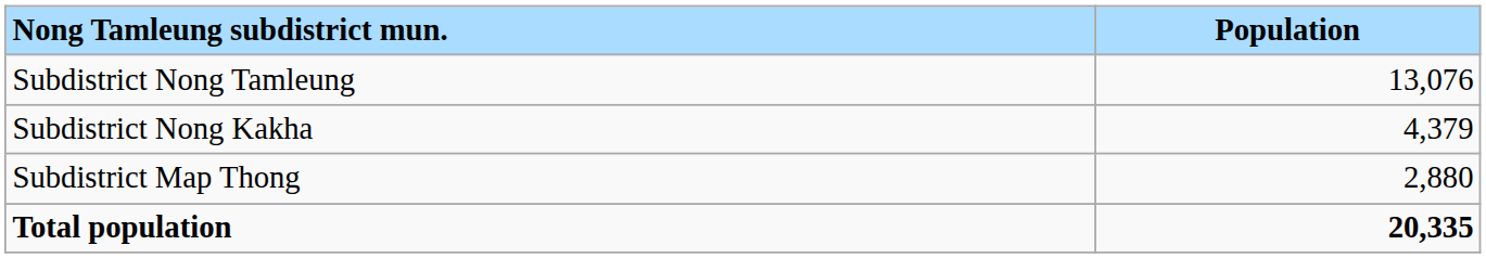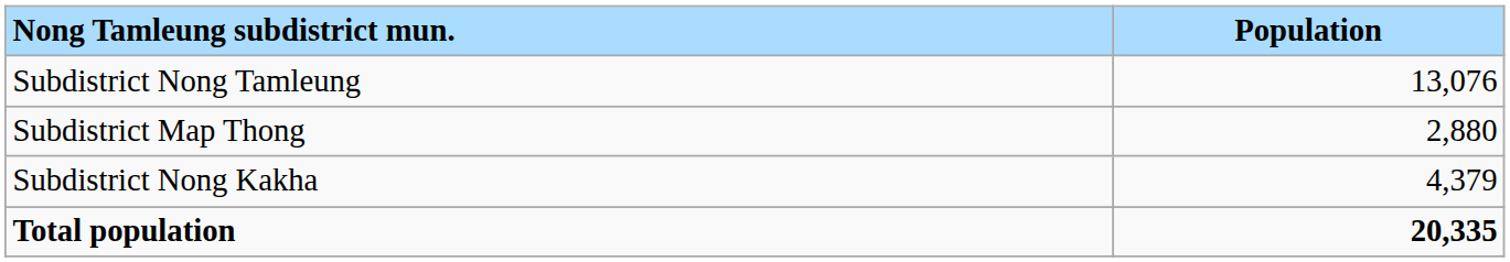 <table class="wikitable" style="width:48%; display:inline-table;">
 <tr>
 <td style= "background: #aadcff;"><strong>Nong Tamleung subdistrict mun.</strong></td>
 <td style= "background: #aadcff; text-align:center;"><strong>Population</strong></td>
 </tr>
 <tr>
 <td>Subdistrict Nong Tamleung</td>
 <td style="text-align:right;">13,076</td>
 </tr>
 <tr>
+<td>Subdistrict Map Thong</td>
+<td style="text-align:right;">2,880</td>
+</tr>
+<tr>
 <td>Subdistrict Nong Kakha</td>
 <td style="text-align:right;">4,379</td>
-</tr>
-<tr>
-<td>Subdistrict Map Thong</td>
-<td style="text-align:right;">2,880</td>
 </tr>
 <tr>
 <td><strong>Total population</strong></td>
 <td style="text-align:right;"><strong>20,335</strong></td>
 </tr>
 </table>
